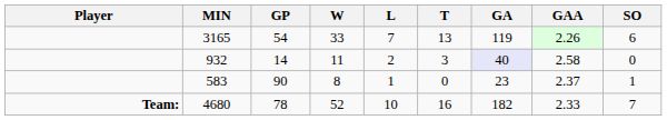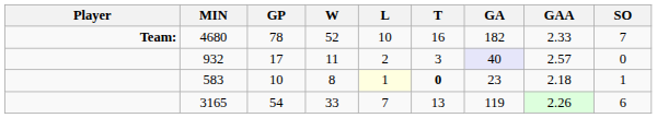 <table class="wikitable sortable" width="60%">
 <tr>
 <th bgcolor="#DDDDFF" width="10%">Player</th>
 <th width="3%" bgcolor="#DDDDFF" title="Minutes played">MIN</th>
 <th width="3%" bgcolor="#DDDDFF" title="Games played in">GP</th>
 <th width="3%" bgcolor="#DDDDFF" title="Games played in">W</th>
 <th width="3%" bgcolor="#DDDDFF"title="Games played in">L</th>
 <th width="3%" bgcolor="#DDDDFF" title="Ties">T</th>
 <th width="3%" bgcolor="#DDDDFF" title="Goals against">GA</th>
 <th width="3%" bgcolor="#DDDDFF" title="Goals against average">GAA</th>
 <th width="3%" bgcolor="#DDDDFF"title="Shut-outs">SO</th>
 </tr>
 <tr align="center">
+<td align="right"><strong>Team:</strong></td>
+<td>4680</td>
+<td>78</td>
+<td>52</td>
+<td>10</td>
+<td>16</td>
+<td>182</td>
+<td>2.33</td>
+<td>7</td>
+</tr>
+<tr align="center">
+<td align="right"></td>
+<td>932</td>
+<td>17</td>
+<td>11</td>
+<td>2</td>
+<td>3</td>
+<td style="background: lavender;">40</td>
+<td>2.57</td>
+<td>0</td>
+</tr>
+<tr align="center">
+<td align="right"></td>
+<td>583</td>
+<td>10</td>
+<td>8</td>
+<td style="background: lightyellow;">1</td>
+<td><strong>0</strong></td>
+<td>23</td>
+<td>2.18</td>
+<td>1</td>
+</tr>
+<tr align="center">
 <td align="right"></td>
 <td>3165</td>
 <td>54</td>
 <td>33</td>
 <td>7</td>
 <td>13</td>
 <td>119</td>
 <td style="background:#DDFFDD;">2.26</td>
 <td>6</td>
 </tr>
-<tr align="center">
-<td align="right"></td>
-<td>932</td>
-<td>14</td>
-<td>11</td>
-<td>2</td>
-<td>3</td>
-<td style="background: lavender;">40</td>
-<td>2.58</td>
-<td>0</td>
-</tr>
-<tr align="center">
-<td align="right"></td>
-<td>583</td>
-<td>90</td>
-<td>8</td>
-<td>1</td>
-<td>0</td>
-<td>23</td>
-<td>2.37</td>
-<td>1</td>
-</tr>
-<tr align="center">
-<td align="right"><strong>Team:</strong></td>
-<td>4680</td>
-<td>78</td>
-<td>52</td>
-<td>10</td>
-<td>16</td>
-<td>182</td>
-<td>2.33</td>
-<td>7</td>
-</tr>
 </table>
